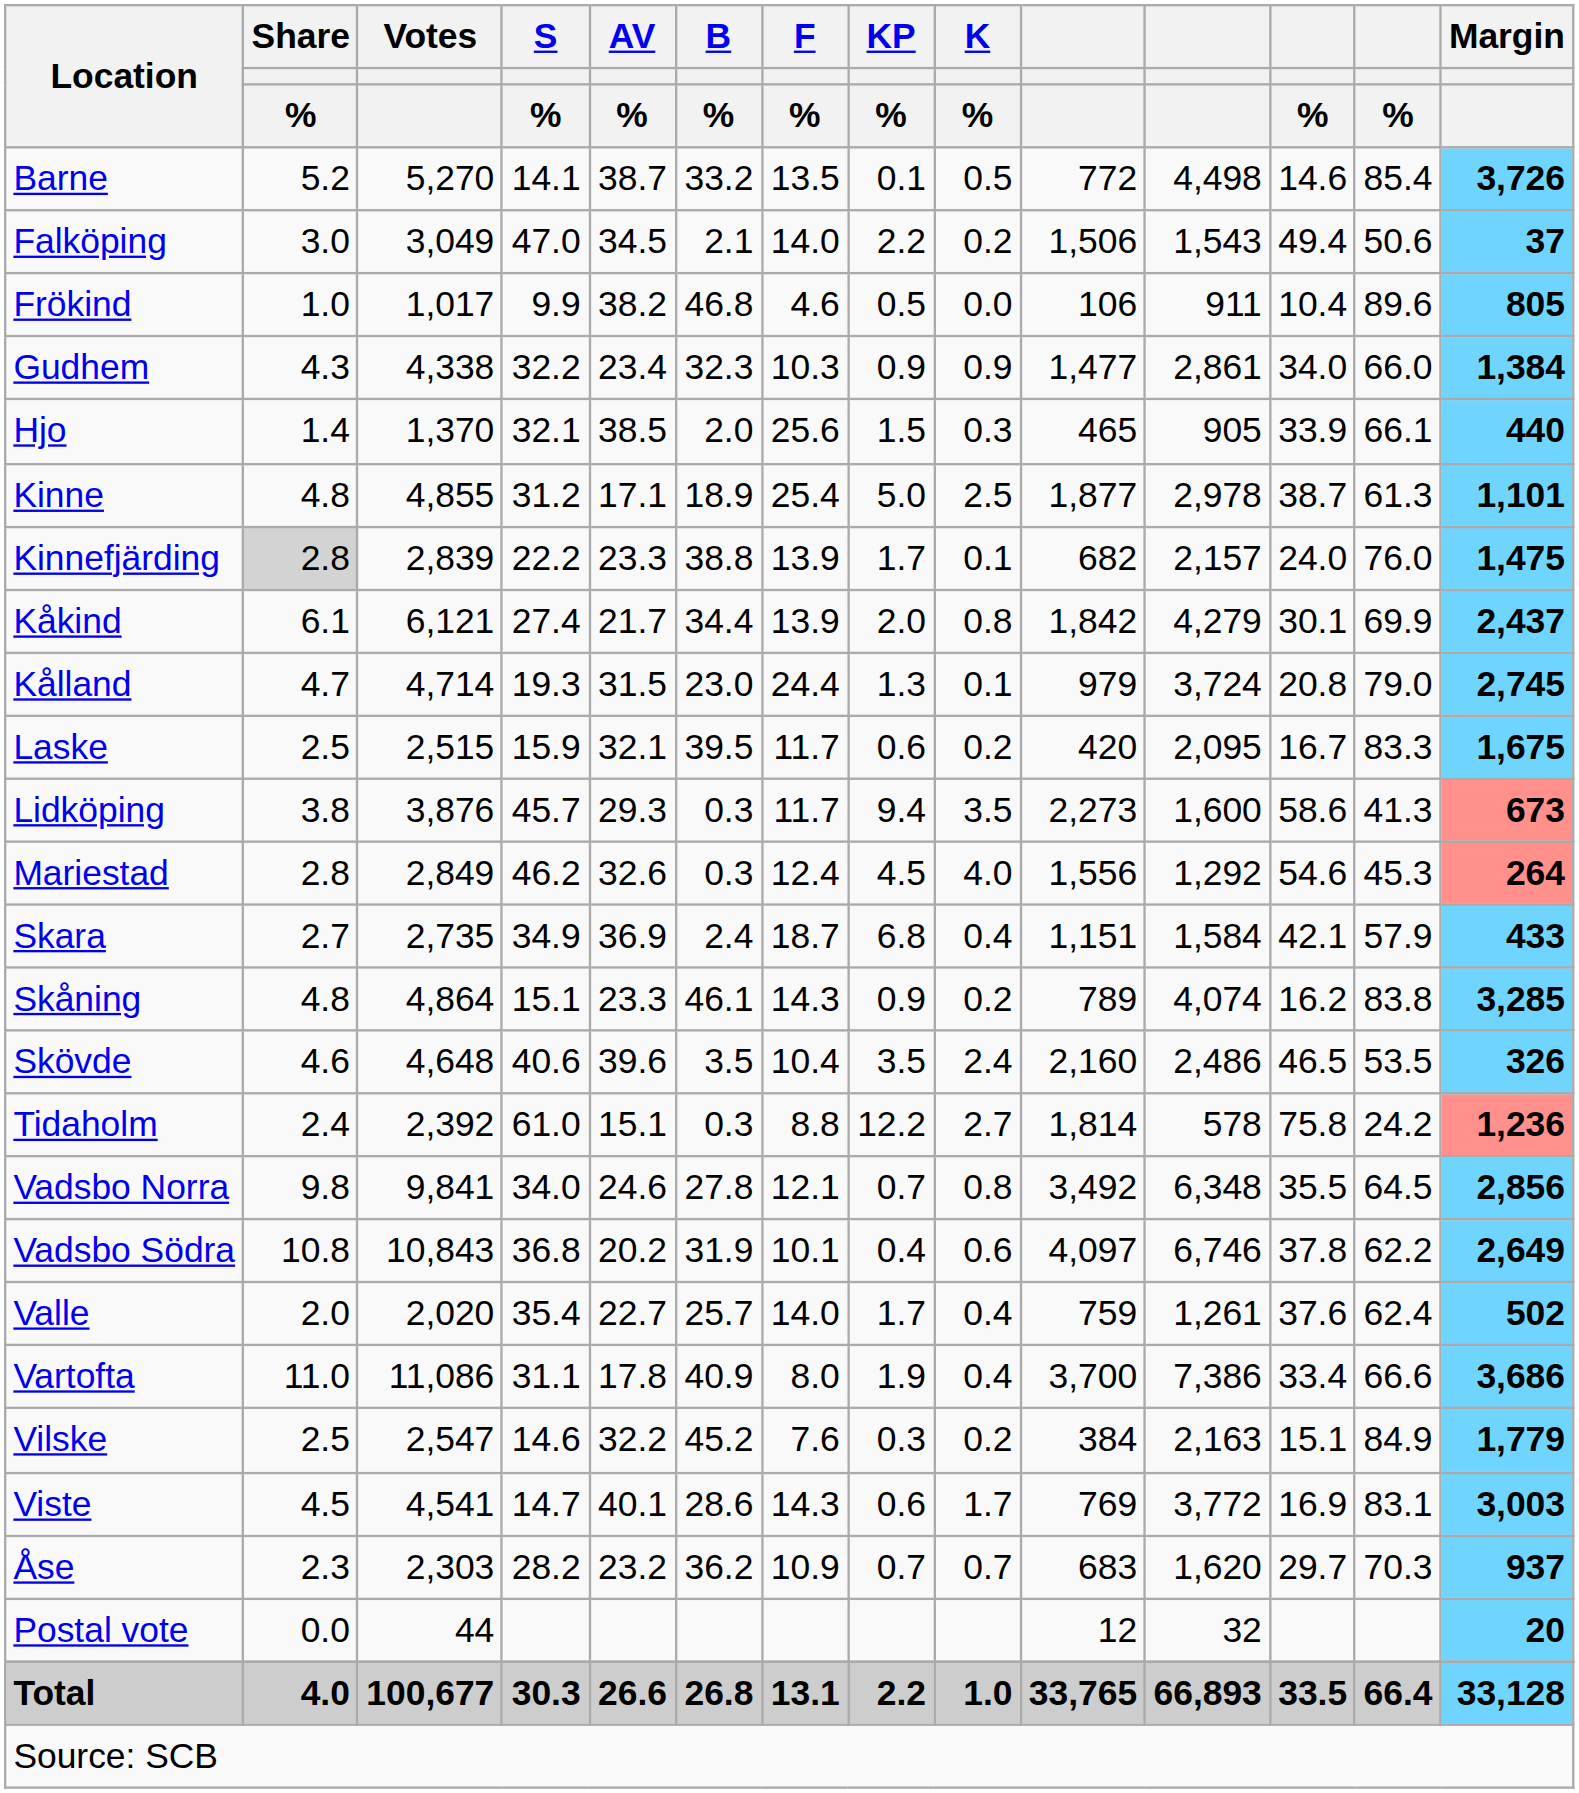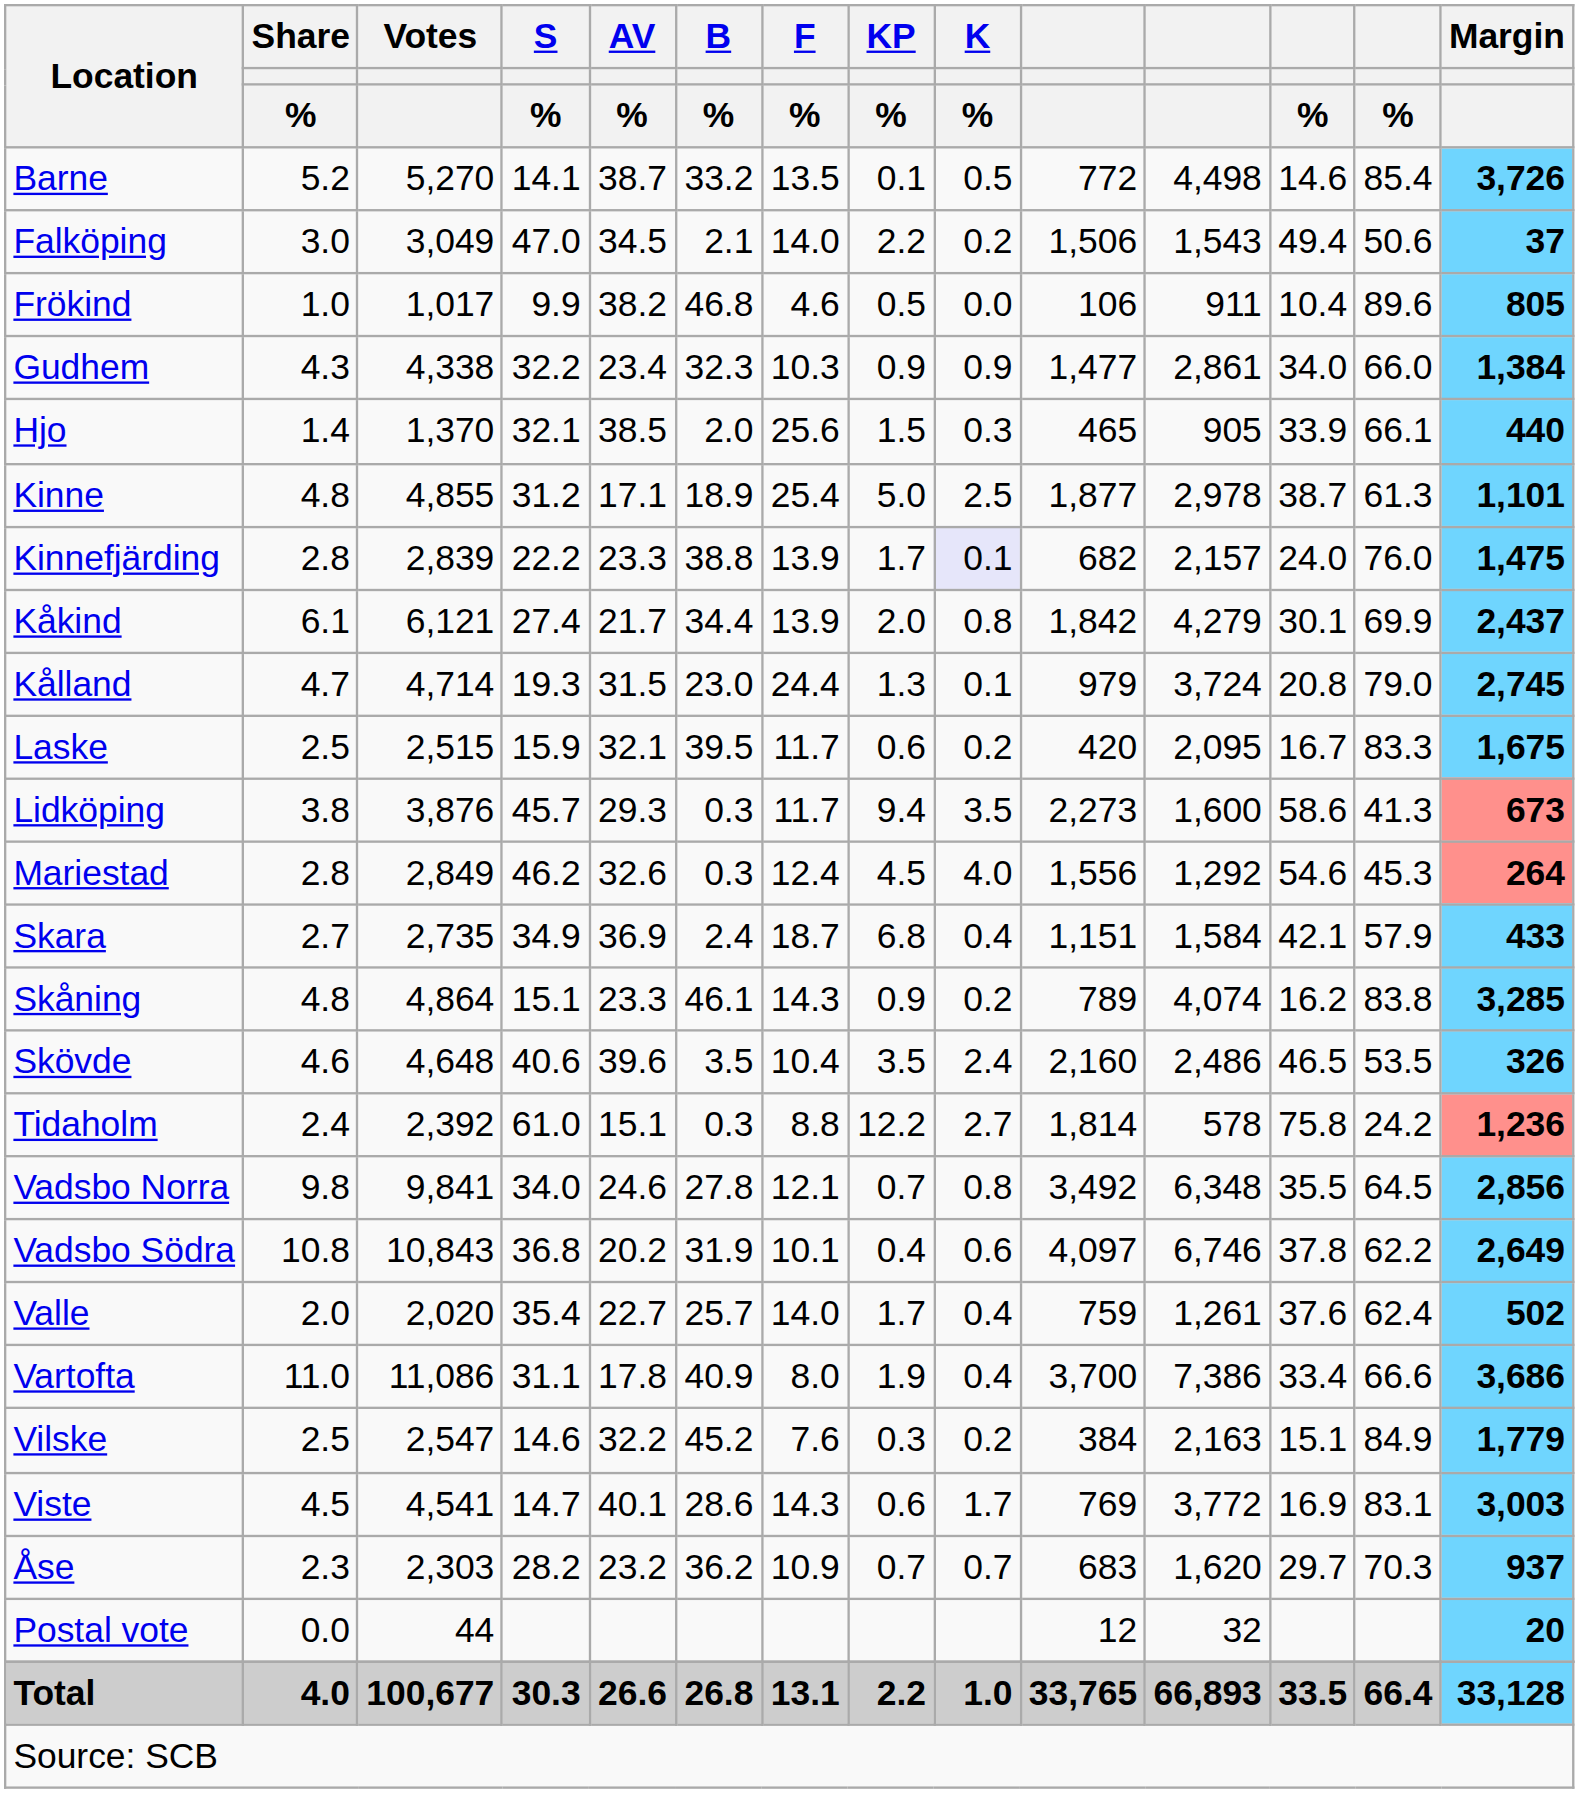 <table class="wikitable sortable" style="text-align:right; font-size:95%; line-height:20px;">
 <tr>
 <th rowspan="3">Location</th>
 <th>Share</th>
 <th>Votes</th>
 <th width="30px" class="unsortable"><a href='#'>S</a></th>
 <th width="30px" class="unsortable"><a href='#'>AV</a></th>
 <th width="30px" class="unsortable"><a href='#'>B</a></th>
 <th width="30px" class="unsortable"><a href='#'>F</a></th>
 <th width="30px" class="unsortable"><a href='#'>KP</a></th>
 <th width="30px" class="unsortable"><a href='#'>K</a></th>
 <th></th>
 <th></th>
 <th></th>
 <th></th>
 <th>Margin</th>
 </tr>
 <tr>
 <th></th>
 <th></th>
 <th style="background:"></th>
 <th style="background:"></th>
 <th style="background:"></th>
 <th style="background:"></th>
 <th style="background:"></th>
 <th style="background:"></th>
 <th style="background:"></th>
 <th style="background:"></th>
 <th style="background:"></th>
 <th style="background:"></th>
 <th></th>
 </tr>
 <tr>
 <th data-sort-type="number">%</th>
 <th></th>
 <th data-sort-type="number">%</th>
 <th data-sort-type="number">%</th>
 <th data-sort-type="number">%</th>
 <th data-sort-type="number">%</th>
 <th data-sort-type="number">%</th>
 <th data-sort-type="number">%</th>
 <th></th>
 <th></th>
 <th data-sort-type="number">%</th>
 <th data-sort-type="number">%</th>
 <th></th>
 </tr>
 <tr>
 <td align=left><a href='#'>Barne</a></td>
 <td>5.2</td>
 <td>5,270</td>
 <td>14.1</td>
 <td>38.7</td>
 <td>33.2</td>
 <td>13.5</td>
 <td>0.1</td>
 <td>0.5</td>
 <td>772</td>
 <td>4,498</td>
 <td>14.6</td>
 <td>85.4</td>
 <td bgcolor=#6fd5fe><strong>3,726</strong></td>
 </tr>
 <tr>
 <td align=left><a href='#'>Falköping</a></td>
 <td>3.0</td>
 <td>3,049</td>
 <td>47.0</td>
 <td>34.5</td>
 <td>2.1</td>
 <td>14.0</td>
 <td>2.2</td>
 <td>0.2</td>
 <td>1,506</td>
 <td>1,543</td>
 <td>49.4</td>
 <td>50.6</td>
 <td bgcolor=#6fd5fe><strong>37</strong></td>
 </tr>
 <tr>
 <td align=left><a href='#'>Frökind</a></td>
 <td>1.0</td>
 <td>1,017</td>
 <td>9.9</td>
 <td>38.2</td>
 <td>46.8</td>
 <td>4.6</td>
 <td>0.5</td>
 <td>0.0</td>
 <td>106</td>
 <td>911</td>
 <td>10.4</td>
 <td>89.6</td>
 <td bgcolor=#6fd5fe><strong>805</strong></td>
 </tr>
 <tr>
 <td align=left><a href='#'>Gudhem</a></td>
 <td>4.3</td>
 <td>4,338</td>
 <td>32.2</td>
 <td>23.4</td>
 <td>32.3</td>
 <td>10.3</td>
 <td>0.9</td>
 <td>0.9</td>
 <td>1,477</td>
 <td>2,861</td>
 <td>34.0</td>
 <td>66.0</td>
 <td bgcolor=#6fd5fe><strong>1,384</strong></td>
 </tr>
 <tr>
 <td align=left><a href='#'>Hjo</a></td>
 <td>1.4</td>
 <td>1,370</td>
 <td>32.1</td>
 <td>38.5</td>
 <td>2.0</td>
 <td>25.6</td>
 <td>1.5</td>
 <td>0.3</td>
 <td>465</td>
 <td>905</td>
 <td>33.9</td>
 <td>66.1</td>
 <td bgcolor=#6fd5fe><strong>440</strong></td>
 </tr>
 <tr>
 <td align=left><a href='#'>Kinne</a></td>
 <td>4.8</td>
 <td>4,855</td>
 <td>31.2</td>
 <td>17.1</td>
 <td>18.9</td>
 <td>25.4</td>
 <td>5.0</td>
 <td>2.5</td>
 <td>1,877</td>
 <td>2,978</td>
 <td>38.7</td>
 <td>61.3</td>
 <td bgcolor=#6fd5fe><strong>1,101</strong></td>
 </tr>
 <tr>
 <td align=left><a href='#'>Kinnefjärding</a></td>
-<td style="background: lightgrey;">2.8</td>
+<td>2.8</td>
 <td>2,839</td>
 <td>22.2</td>
 <td>23.3</td>
 <td>38.8</td>
 <td>13.9</td>
 <td>1.7</td>
-<td>0.1</td>
+<td style="background: lavender;">0.1</td>
 <td>682</td>
 <td>2,157</td>
 <td>24.0</td>
 <td>76.0</td>
 <td bgcolor=#6fd5fe><strong>1,475</strong></td>
 </tr>
 <tr>
 <td align=left><a href='#'>Kåkind</a></td>
 <td>6.1</td>
 <td>6,121</td>
 <td>27.4</td>
 <td>21.7</td>
 <td>34.4</td>
 <td>13.9</td>
 <td>2.0</td>
 <td>0.8</td>
 <td>1,842</td>
 <td>4,279</td>
 <td>30.1</td>
 <td>69.9</td>
 <td bgcolor=#6fd5fe><strong>2,437</strong></td>
 </tr>
 <tr>
 <td align=left><a href='#'>Kålland</a></td>
 <td>4.7</td>
 <td>4,714</td>
 <td>19.3</td>
 <td>31.5</td>
 <td>23.0</td>
 <td>24.4</td>
 <td>1.3</td>
 <td>0.1</td>
 <td>979</td>
 <td>3,724</td>
 <td>20.8</td>
 <td>79.0</td>
 <td bgcolor=#6fd5fe><strong>2,745</strong></td>
 </tr>
 <tr>
 <td align=left><a href='#'>Laske</a></td>
 <td>2.5</td>
 <td>2,515</td>
 <td>15.9</td>
 <td>32.1</td>
 <td>39.5</td>
 <td>11.7</td>
 <td>0.6</td>
 <td>0.2</td>
 <td>420</td>
 <td>2,095</td>
 <td>16.7</td>
 <td>83.3</td>
 <td bgcolor=#6fd5fe><strong>1,675</strong></td>
 </tr>
 <tr>
 <td align=left><a href='#'>Lidköping</a></td>
 <td>3.8</td>
 <td>3,876</td>
 <td>45.7</td>
 <td>29.3</td>
 <td>0.3</td>
 <td>11.7</td>
 <td>9.4</td>
 <td>3.5</td>
 <td>2,273</td>
 <td>1,600</td>
 <td>58.6</td>
 <td>41.3</td>
 <td bgcolor=#ff908c><strong>673</strong></td>
 </tr>
 <tr>
 <td align=left><a href='#'>Mariestad</a></td>
 <td>2.8</td>
 <td>2,849</td>
 <td>46.2</td>
 <td>32.6</td>
 <td>0.3</td>
 <td>12.4</td>
 <td>4.5</td>
 <td>4.0</td>
 <td>1,556</td>
 <td>1,292</td>
 <td>54.6</td>
 <td>45.3</td>
 <td bgcolor=#ff908c><strong>264</strong></td>
 </tr>
 <tr>
 <td align=left><a href='#'>Skara</a></td>
 <td>2.7</td>
 <td>2,735</td>
 <td>34.9</td>
 <td>36.9</td>
 <td>2.4</td>
 <td>18.7</td>
 <td>6.8</td>
 <td>0.4</td>
 <td>1,151</td>
 <td>1,584</td>
 <td>42.1</td>
 <td>57.9</td>
 <td bgcolor=#6fd5fe><strong>433</strong></td>
 </tr>
 <tr>
 <td align=left><a href='#'>Skåning</a></td>
 <td>4.8</td>
 <td>4,864</td>
 <td>15.1</td>
 <td>23.3</td>
 <td>46.1</td>
 <td>14.3</td>
 <td>0.9</td>
 <td>0.2</td>
 <td>789</td>
 <td>4,074</td>
 <td>16.2</td>
 <td>83.8</td>
 <td bgcolor=#6fd5fe><strong>3,285</strong></td>
 </tr>
 <tr>
 <td align=left><a href='#'>Skövde</a></td>
 <td>4.6</td>
 <td>4,648</td>
 <td>40.6</td>
 <td>39.6</td>
 <td>3.5</td>
 <td>10.4</td>
 <td>3.5</td>
 <td>2.4</td>
 <td>2,160</td>
 <td>2,486</td>
 <td>46.5</td>
 <td>53.5</td>
 <td bgcolor=#6fd5fe><strong>326</strong></td>
 </tr>
 <tr>
 <td align=left><a href='#'>Tidaholm</a></td>
 <td>2.4</td>
 <td>2,392</td>
 <td>61.0</td>
 <td>15.1</td>
 <td>0.3</td>
 <td>8.8</td>
 <td>12.2</td>
 <td>2.7</td>
 <td>1,814</td>
 <td>578</td>
 <td>75.8</td>
 <td>24.2</td>
 <td bgcolor=#ff908c><strong>1,236</strong></td>
 </tr>
 <tr>
 <td align=left><a href='#'>Vadsbo Norra</a></td>
 <td>9.8</td>
 <td>9,841</td>
 <td>34.0</td>
 <td>24.6</td>
 <td>27.8</td>
 <td>12.1</td>
 <td>0.7</td>
 <td>0.8</td>
 <td>3,492</td>
 <td>6,348</td>
 <td>35.5</td>
 <td>64.5</td>
 <td bgcolor=#6fd5fe><strong>2,856</strong></td>
 </tr>
 <tr>
 <td align=left><a href='#'>Vadsbo Södra</a></td>
 <td>10.8</td>
 <td>10,843</td>
 <td>36.8</td>
 <td>20.2</td>
 <td>31.9</td>
 <td>10.1</td>
 <td>0.4</td>
 <td>0.6</td>
 <td>4,097</td>
 <td>6,746</td>
 <td>37.8</td>
 <td>62.2</td>
 <td bgcolor=#6fd5fe><strong>2,649</strong></td>
 </tr>
 <tr>
 <td align=left><a href='#'>Valle</a></td>
 <td>2.0</td>
 <td>2,020</td>
 <td>35.4</td>
 <td>22.7</td>
 <td>25.7</td>
 <td>14.0</td>
 <td>1.7</td>
 <td>0.4</td>
 <td>759</td>
 <td>1,261</td>
 <td>37.6</td>
 <td>62.4</td>
 <td bgcolor=#6fd5fe><strong>502</strong></td>
 </tr>
 <tr>
 <td align=left><a href='#'>Vartofta</a></td>
 <td>11.0</td>
 <td>11,086</td>
 <td>31.1</td>
 <td>17.8</td>
 <td>40.9</td>
 <td>8.0</td>
 <td>1.9</td>
 <td>0.4</td>
 <td>3,700</td>
 <td>7,386</td>
 <td>33.4</td>
 <td>66.6</td>
 <td bgcolor=#6fd5fe><strong>3,686</strong></td>
 </tr>
 <tr>
 <td align=left><a href='#'>Vilske</a></td>
 <td>2.5</td>
 <td>2,547</td>
 <td>14.6</td>
 <td>32.2</td>
 <td>45.2</td>
 <td>7.6</td>
 <td>0.3</td>
 <td>0.2</td>
 <td>384</td>
 <td>2,163</td>
 <td>15.1</td>
 <td>84.9</td>
 <td bgcolor=#6fd5fe><strong>1,779</strong></td>
 </tr>
 <tr>
 <td align=left><a href='#'>Viste</a></td>
 <td>4.5</td>
 <td>4,541</td>
 <td>14.7</td>
 <td>40.1</td>
 <td>28.6</td>
 <td>14.3</td>
 <td>0.6</td>
 <td>1.7</td>
 <td>769</td>
 <td>3,772</td>
 <td>16.9</td>
 <td>83.1</td>
 <td bgcolor=#6fd5fe><strong>3,003</strong></td>
 </tr>
 <tr>
 <td align=left><a href='#'>Åse</a></td>
 <td>2.3</td>
 <td>2,303</td>
 <td>28.2</td>
 <td>23.2</td>
 <td>36.2</td>
 <td>10.9</td>
 <td>0.7</td>
 <td>0.7</td>
 <td>683</td>
 <td>1,620</td>
 <td>29.7</td>
 <td>70.3</td>
 <td bgcolor=#6fd5fe><strong>937</strong></td>
 </tr>
 <tr>
 <td align=left><a href='#'>Postal vote</a></td>
 <td>0.0</td>
 <td>44</td>
 <td></td>
 <td></td>
 <td></td>
 <td></td>
 <td></td>
 <td></td>
 <td>12</td>
 <td>32</td>
 <td></td>
 <td></td>
 <td bgcolor=#6fd5fe><strong>20</strong></td>
 </tr>
 <tr>
 </tr>
 <tr style="background:#CDCDCD;">
 <td align=left><strong>Total</strong></td>
 <td><strong>4.0</strong></td>
 <td><strong>100,677</strong></td>
 <td><strong>30.3</strong></td>
 <td><strong>26.6</strong></td>
 <td><strong>26.8</strong></td>
 <td><strong>13.1</strong></td>
 <td><strong>2.2</strong></td>
 <td><strong>1.0</strong></td>
 <td><strong>33,765</strong></td>
 <td><strong>66,893</strong></td>
 <td><strong>33.5</strong></td>
 <td><strong>66.4</strong></td>
 <td bgcolor=#6fd5fe><strong>33,128</strong></td>
 </tr>
 <tr>
 <td align=left colspan=14>Source: SCB </td>
 </tr>
 </table>
